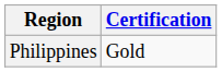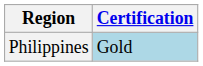 <table class="wikitable sortable">
 <tr>
 <th>Region</th>
 <th><a href='#'>Certification</a></th>
 </tr>
 <tr>
 <td scope="row" style="background-color: #f2f2f2;">Philippines</td>
-<td>Gold</td>
+<td style="background: lightblue;">Gold</td>
 </tr>
 </table>
